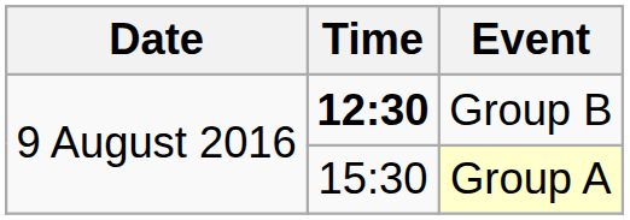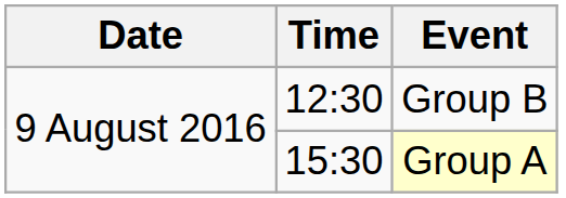 <table class = "wikitable" style="text-align:center;">
 <tr>
 <th>Date</th>
 <th>Time</th>
 <th>Event</th>
 </tr>
 <tr>
 <td rowspan=2>9 August 2016</td>
-<td><strong>12:30</strong></td>
+<td>12:30</td>
 <td>Group B</td>
 </tr>
 <tr>
 <td>15:30</td>
 <td bgcolor=ffffcc>Group A</td>
 </tr>
 </table>
